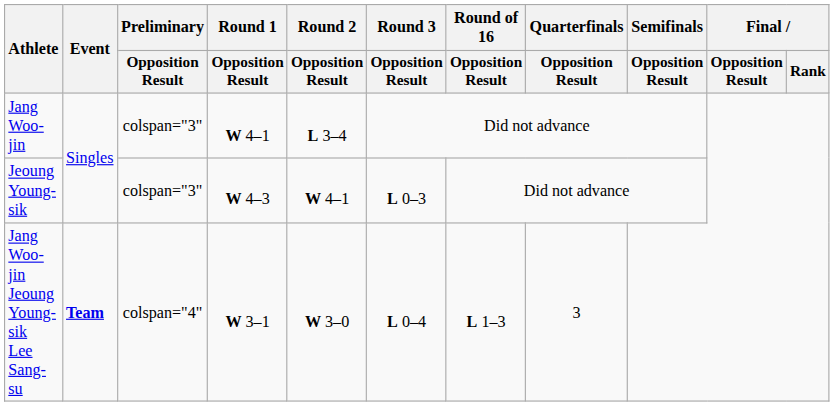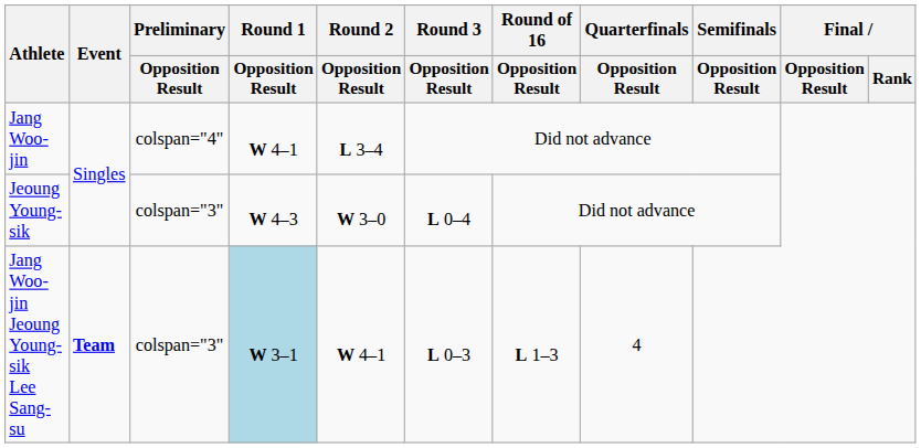 <table class="wikitable" style="font-size:90%; text-align:center">
 <tr>
 <th rowspan="2">Athlete</th>
 <th rowspan="2">Event</th>
 <th>Preliminary</th>
 <th>Round 1</th>
 <th>Round 2</th>
 <th>Round 3</th>
 <th>Round of 16</th>
 <th>Quarterfinals</th>
 <th>Semifinals</th>
 <th colspan="2">Final / </th>
 </tr>
 <tr style="font-size:95%">
 <th>Opposition<br>Result</th>
 <th>Opposition<br>Result</th>
 <th>Opposition<br>Result</th>
 <th>Opposition<br>Result</th>
 <th>Opposition<br>Result</th>
 <th>Opposition<br>Result</th>
 <th>Opposition<br>Result</th>
 <th>Opposition<br>Result</th>
 <th>Rank</th>
 </tr>
 <tr>
 <td style="text-align:left"><a href='#'>Jang Woo-jin</a></td>
 <td rowspan="2" style="text-align:left"><a href='#'>Singles</a></td>
-<td>colspan="3" </td>
+<td>colspan="4" </td>
 <td><br> <strong>W</strong> 4–1</td>
 <td><br> <strong>L</strong> 3–4</td>
 <td colspan="4">Did not advance</td>
 </tr>
 <tr>
 <td style="text-align:left"><a href='#'>Jeoung Young-sik</a></td>
 <td>colspan="3" </td>
 <td><br> <strong>W</strong> 4–3</td>
-<td><br> <strong>W</strong> 4–1</td>
-<td><br><strong>L</strong> 0–3</td>
+<td><br><strong>W</strong> 3–0</td>
+<td><br> <strong>L</strong> 0–4</td>
 <td colspan="3">Did not advance</td>
 </tr>
 <tr>
 <td style="text-align:left"><a href='#'>Jang Woo-jin</a><br><a href='#'>Jeoung Young-sik</a><br><a href='#'>Lee Sang-su</a></td>
 <td style="text-align:left"><strong><a href='#'>Team</a></strong></td>
-<td>colspan="4" </td>
-<td><br><strong>W</strong> 3–1</td>
-<td><br><strong>W</strong> 3–0</td>
-<td><br> <strong>L</strong> 0–4</td>
+<td>colspan="3" </td>
+<td style="background: lightblue;"><br><strong>W</strong> 3–1</td>
+<td><br> <strong>W</strong> 4–1</td>
+<td><br><strong>L</strong> 0–3</td>
 <td><br><strong>L</strong> 1–3</td>
-<td>3</td>
+<td>4</td>
 </tr>
 </table>
